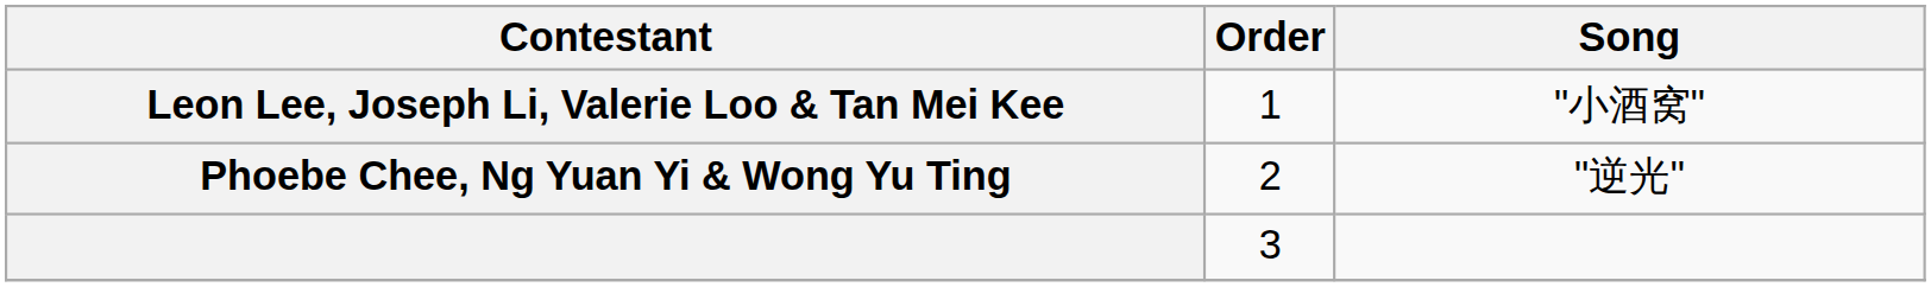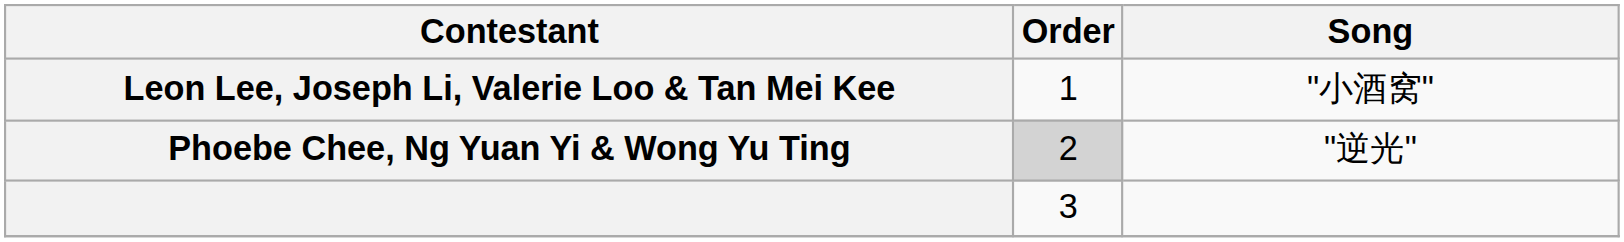 <table class="wikitable plainrowheaders" style="text-align:center;">
 <tr>
 <th scope="col" style="width:29em;">Contestant</th>
 <th scope="col">Order</th>
 <th scope="col" style="width:14em;">Song</th>
 </tr>
 <tr>
 <th scope="row">Leon Lee, Joseph Li, Valerie Loo & Tan Mei Kee</th>
 <td>1</td>
 <td>"小酒窝"</td>
 </tr>
 <tr>
 <th scope="row">Phoebe Chee, Ng Yuan Yi & Wong Yu Ting</th>
-<td>2</td>
+<td style="background: lightgrey;">2</td>
 <td>"逆光"</td>
 </tr>
 <tr>
 <th scope="row"></th>
 <td>3</td>
 <td></td>
 </tr>
 <tr>
 </tr>
 </table>
